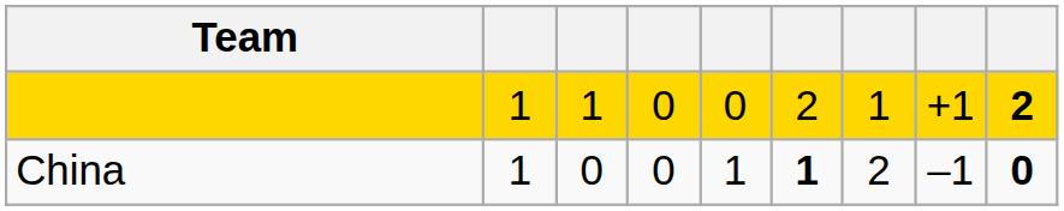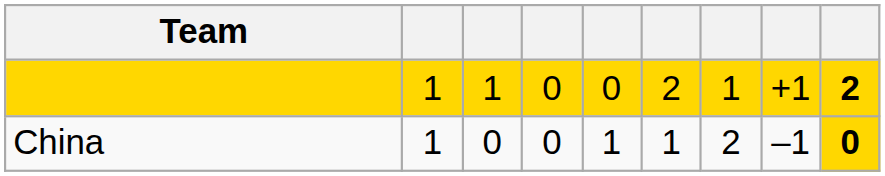 <table class=wikitable style="text-align:center">
 <tr>
 <th width="175">Team</th>
 <th width="20"></th>
 <th width="20"></th>
 <th width="20"></th>
 <th width="20"></th>
 <th width="20"></th>
 <th width="20"></th>
 <th width="20"></th>
 <th width="20"></th>
 </tr>
 <tr bgcolor=gold>
 <td align=left></td>
 <td>1</td>
 <td>1</td>
 <td>0</td>
 <td>0</td>
 <td>2</td>
 <td>1</td>
 <td>+1</td>
 <td><strong>2</strong></td>
 </tr>
 <tr>
 <td align=left> China</td>
 <td>1</td>
 <td>0</td>
 <td>0</td>
 <td>1</td>
-<td><strong>1</strong></td>
+<td>1</td>
 <td>2</td>
 <td>–1</td>
-<td><strong>0</strong></td>
+<td style="background: gold;"><strong>0</strong></td>
 </tr>
 </table>
